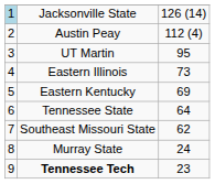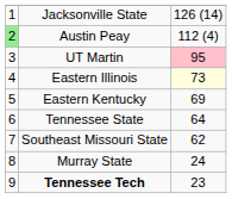 <table class="wikitable" style="display: inline-table;">
 <tr align="center">
 </tr>
 <tr align="center">
-<td style="background: lightblue;">1</td>
+<td>1</td>
 <td>Jacksonville State</td>
 <td>126 (14)</td>
 </tr>
 <tr align="center">
-<td>2</td>
+<td style="background: lightgreen;">2</td>
 <td>Austin Peay</td>
 <td>112 (4)</td>
 </tr>
 <tr align="center">
 <td>3</td>
 <td>UT Martin</td>
-<td>95</td>
+<td style="background: pink;">95</td>
 </tr>
 <tr align="center">
 <td>4</td>
 <td>Eastern Illinois</td>
-<td>73</td>
+<td style="background: lightyellow;">73</td>
 </tr>
 <tr align="center">
 <td>5</td>
 <td>Eastern Kentucky</td>
 <td>69</td>
 </tr>
 <tr align="center">
 <td>6</td>
 <td>Tennessee State</td>
 <td>64</td>
 </tr>
 <tr align="center">
 <td>7</td>
 <td>Southeast Missouri State</td>
 <td>62</td>
 </tr>
 <tr align="center">
 <td>8</td>
 <td>Murray State</td>
 <td>24</td>
 </tr>
 <tr align="center">
 <td>9</td>
 <td><strong>Tennessee Tech</strong></td>
 <td>23</td>
 </tr>
 </table>
